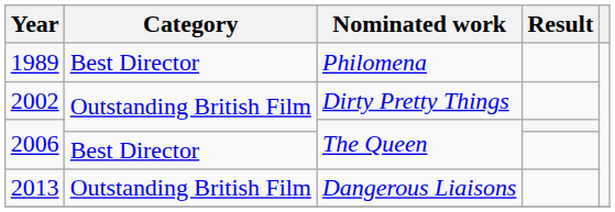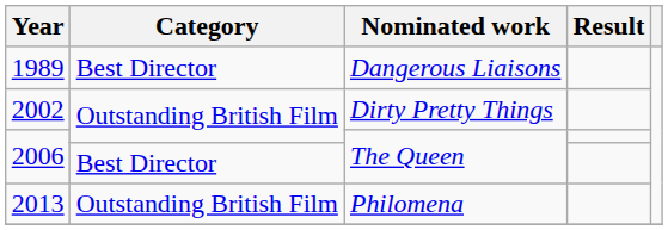 <table class="wikitable">
 <tr>
 <th>Year</th>
 <th>Category</th>
 <th>Nominated work</th>
 <th>Result</th>
 <th></th>
 </tr>
 <tr>
 <td><a href='#'>1989</a></td>
 <td><a href='#'>Best Director</a></td>
-<td><em><a href='#'>Philomena</a></em></td>
+<td><em><a href='#'>Dangerous Liaisons</a></em></td>
 <td></td>
 <td rowspan=5></td>
 </tr>
 <tr>
 <td><a href='#'>2002</a></td>
 <td rowspan=2><a href='#'>Outstanding British Film</a></td>
 <td><em><a href='#'>Dirty Pretty Things</a></em></td>
 <td></td>
 </tr>
 <tr>
 <td rowspan=2><a href='#'>2006</a></td>
 <td rowspan=2><em><a href='#'>The Queen</a></em></td>
 <td></td>
 </tr>
 <tr>
 <td><a href='#'>Best Director</a></td>
 <td></td>
 </tr>
 <tr>
 <td><a href='#'>2013</a></td>
 <td><a href='#'>Outstanding British Film</a></td>
-<td><em><a href='#'>Dangerous Liaisons</a></em></td>
+<td><em><a href='#'>Philomena</a></em></td>
 <td></td>
 </tr>
 <tr>
 </tr>
 </table>
